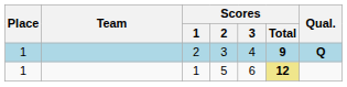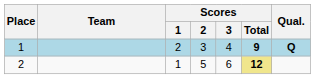 <table class=wikitable style="text-align:center">
 <tr>
 <th width=20 rowspan=2>Place</th>
 <th width=180 rowspan=2>Team</th>
 <th colspan=4>Scores</th>
 <th width=50 rowspan=2>Qual.</th>
 </tr>
 <tr>
 <th width=30>1</th>
 <th width=30>2</th>
 <th width=30>3</th>
 <th>Total</th>
 </tr>
 <tr bgcolor=lightblue>
 <td>1</td>
 <td align=left></td>
 <td>2</td>
 <td>3</td>
 <td>4</td>
 <td><strong>9</strong></td>
 <td><strong>Q</strong></td>
 </tr>
 <tr>
-<td>1</td>
+<td>2</td>
 <td align=left></td>
 <td>1</td>
 <td>5</td>
 <td>6</td>
 <td style="background: khaki;"><strong>12</strong></td>
 <td></td>
 </tr>
 </table>
